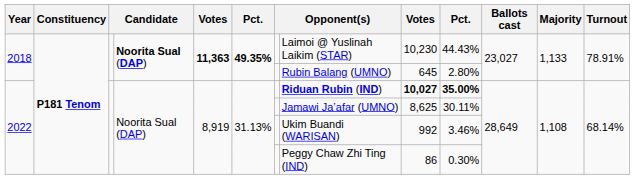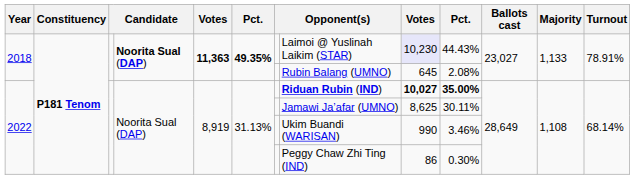 <table class="wikitable" style="margin:0.5em ; font-size:95%">
 <tr>
 <th>Year</th>
 <th>Constituency</th>
 <th colspan="2">Candidate</th>
 <th>Votes</th>
 <th>Pct.</th>
 <th colspan="2">Opponent(s)</th>
 <th>Votes</th>
 <th>Pct.</th>
 <th>Ballots cast</th>
 <th>Majority</th>
 <th>Turnout</th>
 </tr>
 <tr>
 <td rowspan="2"><a href='#'>2018</a></td>
 <td rowspan="6"><strong>P181 <a href='#'>Tenom</a></strong></td>
 <td rowspan="2" ></td>
 <td rowspan="2"><strong>Noorita Sual</strong> (<a href='#'><strong>DAP</strong></a>)</td>
 <td rowspan="2" align=right><strong>11,363</strong></td>
 <td rowspan="2"><strong>49.35%</strong></td>
 <td></td>
 <td>Laimoi @ Yuslinah Laikim (<a href='#'>STAR</a>)</td>
-<td>10,230</td>
+<td style="background: lavender;">10,230</td>
 <td>44.43%</td>
 <td rowspan="2">23,027</td>
 <td rowspan="2">1,133</td>
 <td rowspan="2">78.91%</td>
 </tr>
 <tr>
 <td bgcolor = ></td>
 <td><a href='#'>Rubin Balang</a> (<a href='#'>UMNO</a>)</td>
 <td align=right>645</td>
-<td align=right>2.80%</td>
+<td align=right>2.08%</td>
 </tr>
 <tr>
 <td rowspan="4"><a href='#'>2022</a></td>
 <td rowspan="4" ></td>
 <td rowspan="4">Noorita Sual (<a href='#'>DAP</a>)</td>
 <td rowspan="4" align=right>8,919</td>
 <td rowspan="4">31.13%</td>
 <td></td>
 <td><strong><a href='#'>Riduan Rubin</a></strong> (<a href='#'><strong>IND</strong></a>)</td>
 <td align=right><strong>10,027</strong></td>
 <td><strong>35.00%</strong></td>
 <td rowspan="4">28,649</td>
 <td rowspan="4">1,108</td>
 <td rowspan="4">68.14%</td>
 </tr>
 <tr>
 <td></td>
 <td><a href='#'>Jamawi Ja’afar</a> (<a href='#'>UMNO</a>)</td>
 <td align=right>8,625</td>
 <td align=right>30.11%</td>
 </tr>
 <tr>
 <td></td>
 <td>Ukim Buandi (<a href='#'>WARISAN</a>)</td>
-<td align=right>992</td>
+<td align=right>990</td>
 <td align=right>3.46%</td>
 </tr>
 <tr>
 <td></td>
 <td>Peggy Chaw Zhi Ting (<a href='#'>IND</a>)</td>
 <td align=right>86</td>
 <td align=right>0.30%</td>
 </tr>
 </table>
